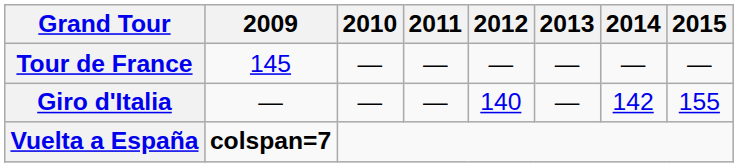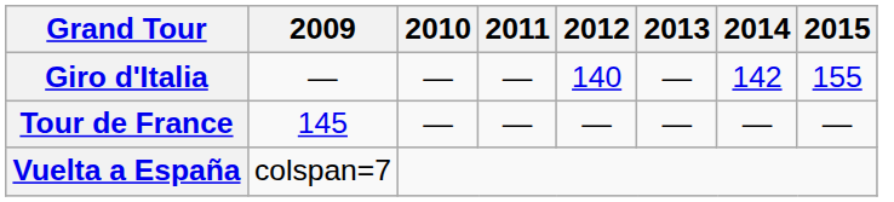 <table class="wikitable plainrowheaders">
 <tr>
 <th scope="col"><a href='#'>Grand Tour</a></th>
 <th scope="col">2009</th>
 <th scope="col">2010</th>
 <th scope="col">2011</th>
 <th scope="col">2012</th>
 <th scope="col">2013</th>
 <th scope="col">2014</th>
 <th scope="col">2015</th>
 </tr>
 <tr style="text-align:center;">
+<th scope="row"> <a href='#'>Giro d'Italia</a></th>
+<td>—</td>
+<td>—</td>
+<td>—</td>
+<td><a href='#'>140</a></td>
+<td>—</td>
+<td><a href='#'>142</a></td>
+<td><a href='#'>155</a></td>
+</tr>
+<tr style="text-align:center;">
 <th scope="row"> <a href='#'>Tour de France</a></th>
 <td><a href='#'>145</a></td>
 <td>—</td>
 <td>—</td>
 <td>—</td>
 <td>—</td>
 <td>—</td>
 <td>—</td>
 </tr>
 <tr style="text-align:center;">
-<th scope="row"> <a href='#'>Giro d'Italia</a></th>
-<td>—</td>
-<td>—</td>
-<td>—</td>
-<td><a href='#'>140</a></td>
-<td>—</td>
-<td><a href='#'>142</a></td>
-<td><a href='#'>155</a></td>
-</tr>
-<tr style="text-align:center;">
 <th scope="row"> <a href='#'>Vuelta a España</a></th>
-<td><strong>colspan=7 </strong></td>
+<td>colspan=7 </td>
 </tr>
 </table>
